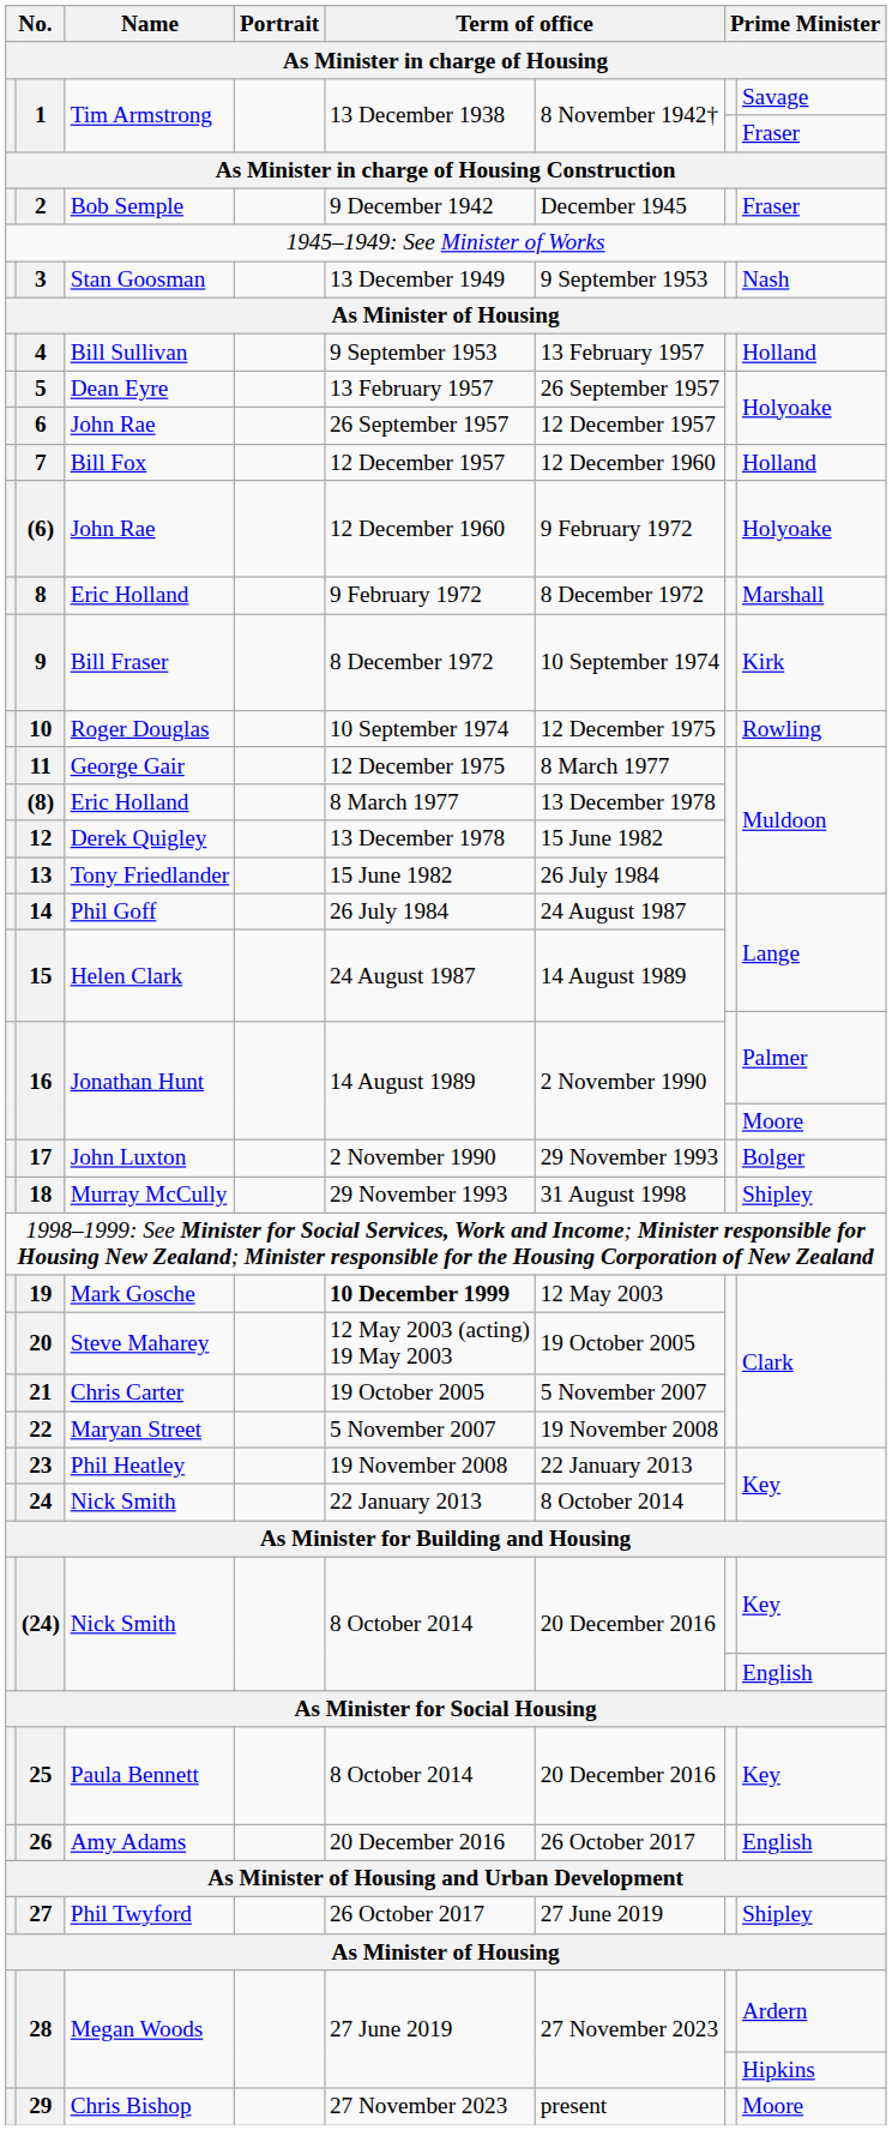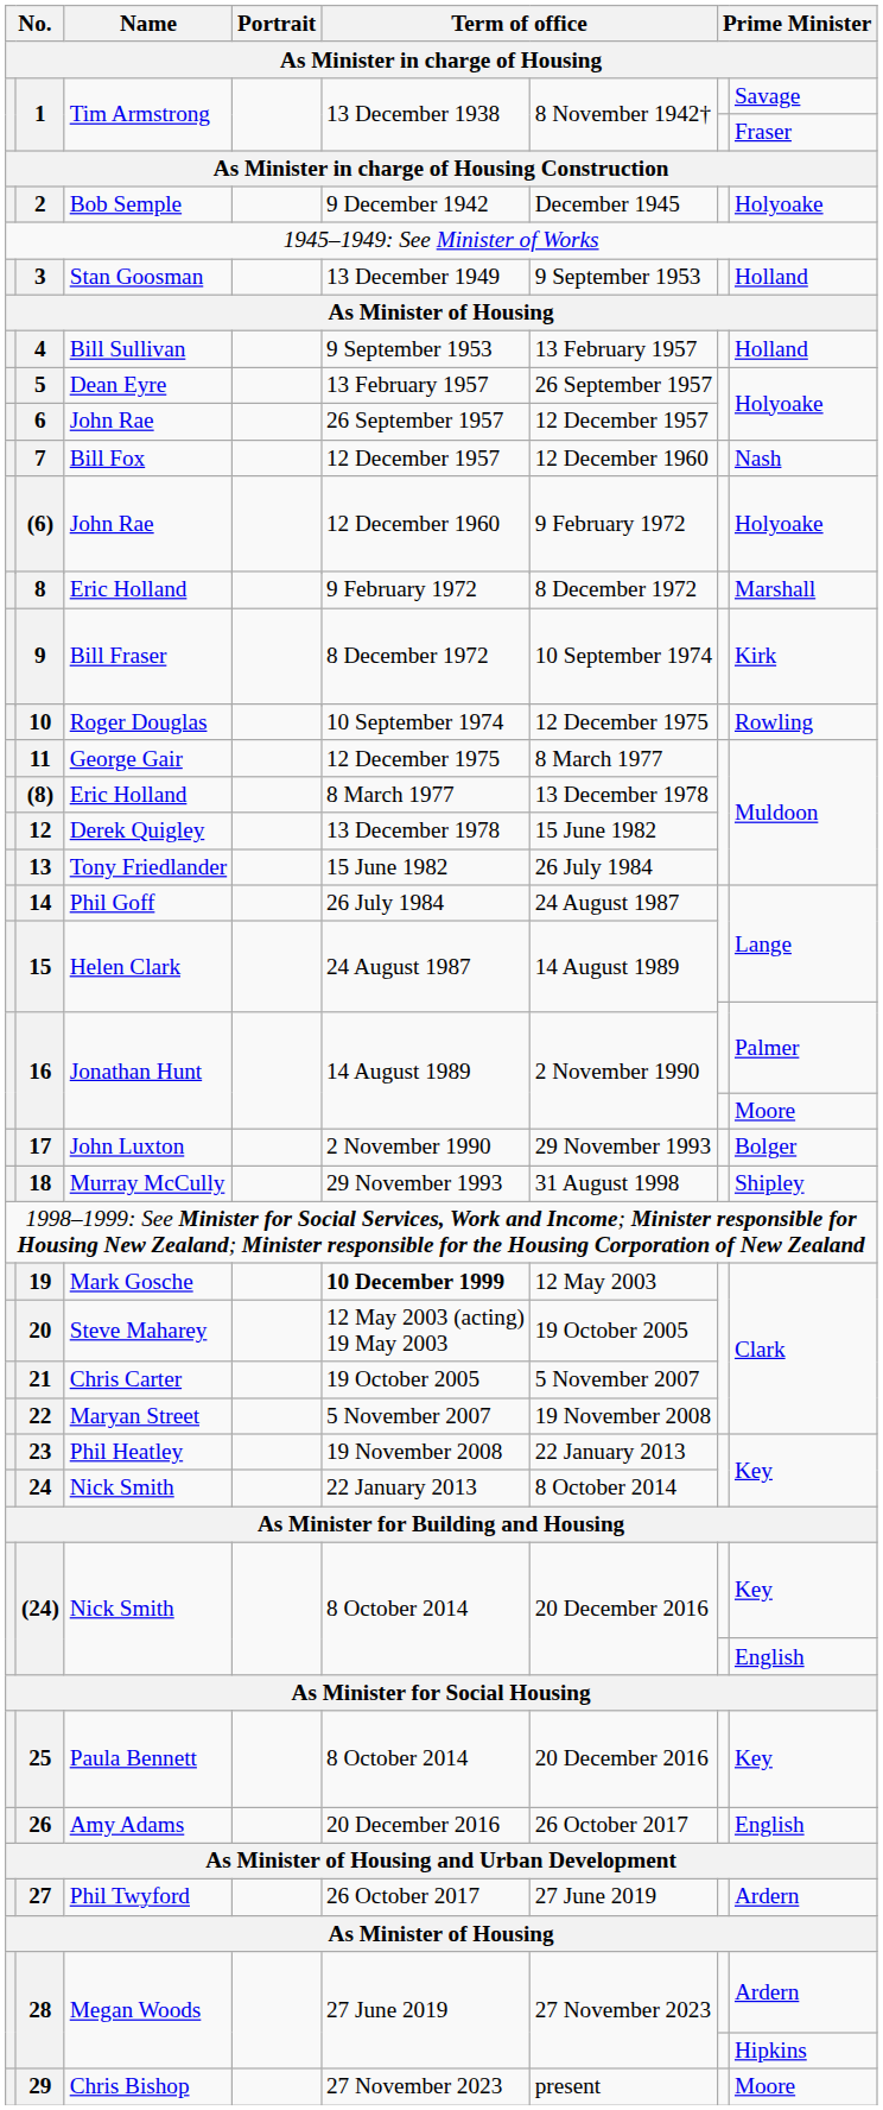 <table class="wikitable">
 <tr>
 <th colspan=2>No.</th>
 <th>Name</th>
 <th>Portrait</th>
 <th colspan=2>Term of office</th>
 <th colspan=2>Prime Minister</th>
 </tr>
 <tr>
 <th colspan=8>As Minister in charge of Housing</th>
 </tr>
 <tr>
 <th rowspan=2 style="color:inherit;background:"></th>
 <th rowspan=2>1</th>
 <td rowspan=2><a href='#'>Tim Armstrong</a></td>
 <td rowspan=2></td>
 <td rowspan=2>13 December 1938</td>
 <td rowspan=2>8 November 1942†</td>
 <td width=1 style="color:inherit;background:"></td>
 <td><a href='#'>Savage</a></td>
 </tr>
 <tr>
 <td style="color:inherit;background:"></td>
 <td><a href='#'>Fraser</a></td>
 </tr>
 <tr>
 <th colspan=8>As Minister in charge of Housing Construction</th>
 </tr>
 <tr>
 <th style="color:inherit;background:"></th>
 <th>2</th>
 <td><a href='#'>Bob Semple</a></td>
 <td></td>
 <td>9 December 1942</td>
 <td>December 1945</td>
 <td style="color:inherit;background:"></td>
-<td><a href='#'>Fraser</a></td>
+<td><a href='#'>Holyoake</a></td>
 </tr>
 <tr>
 <td style="text-align:center" colspan=8><em>1945–1949: See <a href='#'>Minister of Works</a></em></td>
 </tr>
 <tr>
 <th style="color:inherit;background:"></th>
 <th>3</th>
 <td><a href='#'>Stan Goosman</a></td>
 <td></td>
 <td>13 December 1949</td>
 <td>9 September 1953</td>
 <td style="color:inherit;background:"></td>
-<td><a href='#'>Nash</a></td>
+<td><a href='#'>Holland</a></td>
 </tr>
 <tr>
 <th colspan=8>As Minister of Housing</th>
 </tr>
 <tr>
 <th style="color:inherit;background:"></th>
 <th>4</th>
 <td><a href='#'>Bill Sullivan</a></td>
 <td></td>
 <td>9 September 1953</td>
 <td>13 February 1957</td>
 <td rowspan=2 style="color:inherit;background:"></td>
 <td rowspan=2><a href='#'>Holland</a></td>
 </tr>
 <tr>
 <th rowspan=2 style="color:inherit;background:"></th>
 <th rowspan=2>5</th>
 <td rowspan=2><a href='#'>Dean Eyre</a></td>
 <td rowspan=2></td>
 <td rowspan=2>13 February 1957</td>
 <td rowspan=2>26 September 1957</td>
 </tr>
 <tr>
 <td rowspan=2 style="color:inherit;background:"></td>
 <td rowspan=2><a href='#'>Holyoake</a></td>
 </tr>
 <tr>
 <th style="color:inherit;background:"></th>
 <th>6</th>
 <td><a href='#'>John Rae</a></td>
 <td></td>
 <td>26 September 1957</td>
 <td>12 December 1957</td>
 </tr>
 <tr>
 <th style="color:inherit;background:"></th>
 <th>7</th>
 <td><a href='#'>Bill Fox</a></td>
 <td></td>
 <td>12 December 1957</td>
 <td>12 December 1960</td>
 <td style="color:inherit;background:"></td>
-<td><a href='#'>Holland</a></td>
+<td><a href='#'>Nash</a></td>
 </tr>
 <tr>
 <th rowspan=2 style="color:inherit;background:"></th>
 <th rowspan=2>(6)</th>
 <td rowspan=2><a href='#'>John Rae</a></td>
 <td rowspan=2></td>
 <td rowspan=2>12 December 1960</td>
 <td rowspan=2>9 February 1972</td>
 <td height=60px style="color:inherit;background:"></td>
 <td><a href='#'>Holyoake</a></td>
 </tr>
 <tr>
 <td rowspan=2 style="color:inherit;background:"></td>
 <td rowspan=2><a href='#'>Marshall</a></td>
 </tr>
 <tr>
 <th style="color:inherit;background:"></th>
 <th>8</th>
 <td><a href='#'>Eric Holland</a></td>
 <td></td>
 <td>9 February 1972</td>
 <td>8 December 1972</td>
 </tr>
 <tr>
 <th rowspan=2 style="color:inherit;background:"></th>
 <th rowspan=2>9</th>
 <td rowspan=2><a href='#'>Bill Fraser</a></td>
 <td rowspan=2></td>
 <td rowspan=2>8 December 1972</td>
 <td rowspan=2>10 September 1974</td>
 <td height=60px style="color:inherit;background:"></td>
 <td><a href='#'>Kirk</a></td>
 </tr>
 <tr>
 <td rowspan=2 style="color:inherit;background:"></td>
 <td rowspan=2><a href='#'>Rowling</a></td>
 </tr>
 <tr>
 <th style="color:inherit;background:"></th>
 <th>10</th>
 <td><a href='#'>Roger Douglas</a></td>
 <td></td>
 <td>10 September 1974</td>
 <td>12 December 1975</td>
 </tr>
 <tr>
 <th style="color:inherit;background:"></th>
 <th>11</th>
 <td><a href='#'>George Gair</a></td>
 <td></td>
 <td>12 December 1975</td>
 <td>8 March 1977</td>
 <td rowspan=4 style="color:inherit;background:"></td>
 <td rowspan=4><a href='#'>Muldoon</a></td>
 </tr>
 <tr>
 <th style="color:inherit;background:"></th>
 <th>(8)</th>
 <td><a href='#'>Eric Holland</a></td>
 <td></td>
 <td>8 March 1977</td>
 <td>13 December 1978</td>
 </tr>
 <tr>
 <th style="color:inherit;background:"></th>
 <th>12</th>
 <td><a href='#'>Derek Quigley</a></td>
 <td></td>
 <td>13 December 1978</td>
 <td>15 June 1982</td>
 </tr>
 <tr>
 <th style="color:inherit;background:"></th>
 <th>13</th>
 <td><a href='#'>Tony Friedlander</a></td>
 <td></td>
 <td>15 June 1982</td>
 <td>26 July 1984</td>
 </tr>
 <tr>
 <th style="color:inherit;background:"></th>
 <th>14</th>
 <td><a href='#'>Phil Goff</a></td>
 <td></td>
 <td>26 July 1984</td>
 <td>24 August 1987</td>
 <td rowspan=2 style="color:inherit;background:"></td>
 <td rowspan=2><a href='#'>Lange</a></td>
 </tr>
 <tr>
 <th height=50 style="border-bottom:solid 0 grey; background:"></th>
 <th rowspan=2>15</th>
 <td rowspan=2><a href='#'>Helen Clark</a></td>
 <td rowspan=2></td>
 <td rowspan=2>24 August 1987</td>
 <td rowspan=2>14 August 1989</td>
 </tr>
 <tr>
 <th style="border-top:solid 0 grey; background:"></th>
 <td rowspan=2 style="color:inherit;background:"></td>
 <td rowspan=2><a href='#'>Palmer</a></td>
 </tr>
 <tr>
 <th height=50 style="border-bottom:solid 0 grey; background:"></th>
 <th rowspan=2>16</th>
 <td rowspan=2><a href='#'>Jonathan Hunt</a></td>
 <td rowspan=2></td>
 <td rowspan=2>14 August 1989</td>
 <td rowspan=2>2 November 1990</td>
 </tr>
 <tr>
 <th style="border-top:solid 0 grey; background:"></th>
 <td style="color:inherit;background:"></td>
 <td><a href='#'>Moore</a></td>
 </tr>
 <tr>
 <th style="color:inherit;background:"></th>
 <th>17</th>
 <td><a href='#'>John Luxton</a></td>
 <td></td>
 <td>2 November 1990</td>
 <td>29 November 1993</td>
 <td rowspan=2 style="color:inherit;background:"></td>
 <td rowspan=2><a href='#'>Bolger</a></td>
 </tr>
 <tr>
 <th rowspan=2 style="color:inherit;background:"></th>
 <th rowspan=2>18</th>
 <td rowspan=2><a href='#'>Murray McCully</a></td>
 <td rowspan=2></td>
 <td rowspan=2>29 November 1993</td>
 <td rowspan=2>31 August 1998</td>
 </tr>
 <tr>
 <td style="color:inherit;background:"></td>
 <td><a href='#'>Shipley</a></td>
 </tr>
 <tr>
 <td style="text-align:center" colspan=8><em>1998–1999: See <strong>Minister for Social Services, Work and Income</strong>; <strong>Minister responsible for<br>Housing New Zealand</strong>; <strong>Minister responsible for the Housing Corporation of New Zealand<strong><em></td>
 </tr>
 <tr>
 <th style="color:inherit;background:"></th>
 <th>19</th>
 <td><a href='#'>Mark Gosche</a></td>
 <td></td>
 <td><strong>10 December 1999</strong></td>
 <td>12 May 2003</td>
 <td rowspan=4 style="color:inherit;background:"></td>
 <td rowspan=4><a href='#'>Clark</a></td>
 </tr>
 <tr>
 <th style="color:inherit;background:"></th>
 <th>20</th>
 <td><a href='#'>Steve Maharey</a></td>
 <td></td>
 <td>12 May 2003 (acting)<br>19 May 2003</td>
 <td>19 October 2005</td>
 </tr>
 <tr>
 <th style="color:inherit;background:"></th>
 <th>21</th>
 <td><a href='#'>Chris Carter</a></td>
 <td></td>
 <td>19 October 2005</td>
 <td>5 November 2007</td>
 </tr>
 <tr>
 <th style="color:inherit;background:"></th>
 <th>22</th>
 <td><a href='#'>Maryan Street</a></td>
 <td></td>
 <td>5 November 2007</td>
 <td>19 November 2008</td>
 </tr>
 <tr>
 <th style="color:inherit;background:"></th>
 <th>23</th>
 <td><a href='#'>Phil Heatley</a></td>
 <td></td>
 <td>19 November 2008</td>
 <td>22 January 2013</td>
 <td rowspan=2 style="color:inherit;background:"></td>
 <td rowspan=2><a href='#'>Key</a></td>
 </tr>
 <tr>
 <th style="color:inherit;background:"></th>
 <th>24</th>
 <td><a href='#'>Nick Smith</a></td>
 <td></td>
 <td>22 January 2013</td>
 <td>8 October 2014</td>
 </tr>
 <tr>
 <th colspan=8>As Minister for Building and Housing</th>
 </tr>
 <tr>
 <th rowspan=2 style="color:inherit;background:"></th>
 <th rowspan=2>(24)</th>
 <td rowspan=2><a href='#'>Nick Smith</a></td>
 <td rowspan=2></td>
 <td rowspan=2>8 October 2014</td>
 <td rowspan=2>20 December 2016</td>
 <td height=60px style="color:inherit;background:"></td>
 <td><a href='#'>Key</a></td>
 </tr>
 <tr>
 <td style="color:inherit;background:"></td>
 <td><a href='#'>English</a></td>
 </tr>
 <tr>
 <th colspan=8>As Minister for Social Housing</th>
 </tr>
 <tr>
 <th rowspan=2 style="color:inherit;background:"></th>
 <th rowspan=2>25</th>
 <td rowspan=2><a href='#'>Paula Bennett</a></td>
 <td rowspan=2></td>
 <td rowspan=2>8 October 2014</td>
 <td rowspan=2>20 December 2016</td>
 <td height=60px style="color:inherit;background:"></td>
 <td><a href='#'>Key</a></td>
 </tr>
 <tr>
 <td rowspan=2 style="color:inherit;background:"></td>
 <td rowspan=2><a href='#'>English</a></td>
 </tr>
 <tr>
 <th style="color:inherit;background:"></th>
 <th>26</th>
 <td><a href='#'>Amy Adams</a></td>
 <td></td>
 <td>20 December 2016</td>
 <td>26 October 2017</td>
 </tr>
 <tr>
 <th colspan=8>As Minister of Housing and Urban Development</th>
 </tr>
 <tr>
 <th style="color:inherit;background:"></th>
 <th>27</th>
 <td><a href='#'>Phil Twyford</a></td>
 <td></td>
 <td>26 October 2017</td>
 <td>27 June 2019</td>
 <td style="color:inherit;background:"></td>
-<td><a href='#'>Shipley</a></td>
+<td><a href='#'>Ardern</a></td>
 </tr>
 <tr>
 <th colspan=8>As Minister of Housing</th>
 </tr>
 <tr>
 <th height=50 style="border-bottom:solid 0 grey; background:"></th>
 <th rowspan="2">28</th>
 <td rowspan="2"><a href='#'>Megan Woods</a></td>
 <td rowspan="2"></td>
 <td rowspan="2">27 June 2019</td>
 <td rowspan="2">27 November 2023</td>
 <td style="color:inherit;background:"></td>
 <td><a href='#'>Ardern</a></td>
 </tr>
 <tr>
 <th height=15 style="border-top:solid 0 grey; background:"></th>
 <td style="color:inherit;background:"></td>
 <td><a href='#'>Hipkins</a></td>
 </tr>
 <tr>
 <th style="color:inherit;background:"></th>
 <th>29</th>
 <td><a href='#'>Chris Bishop</a></td>
 <td></td>
 <td>27 November 2023</td>
 <td>present</td>
 <td style="color:inherit;background:"></td>
 <td><a href='#'>Moore</a></td>
 </tr>
 </table>
